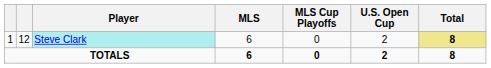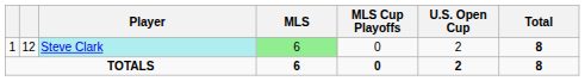 <table class="wikitable sortable" style="font-size: 90%; text-align: center;">
 <tr>
 <th width=10></th>
 <th width=10></th>
 <th width=255>Player</th>
 <th width=90>MLS</th>
 <th width=90>MLS Cup Playoffs</th>
 <th width=90>U.S. Open Cup</th>
 <th width=90>Total</th>
 </tr>
 <tr>
 <td>1</td>
 <td>12</td>
 <td align=left style="background: paleturquoise;"> <a href='#'>Steve Clark</a></td>
-<td>6</td>
+<td style="background: lightgreen;">6</td>
 <td>0</td>
 <td>2</td>
-<td style="background: khaki;"><strong>8</strong></td>
+<td><strong>8</strong></td>
 </tr>
 <tr>
 <td colspan="3"><strong>TOTALS</strong></td>
 <td><strong>6</strong></td>
 <td><strong>0</strong></td>
 <td><strong>2</strong></td>
 <td><strong>8</strong></td>
 </tr>
 </table>
